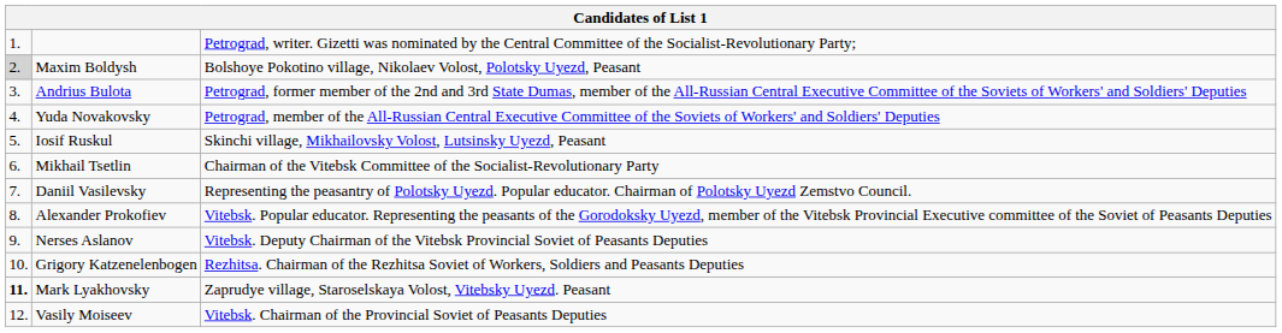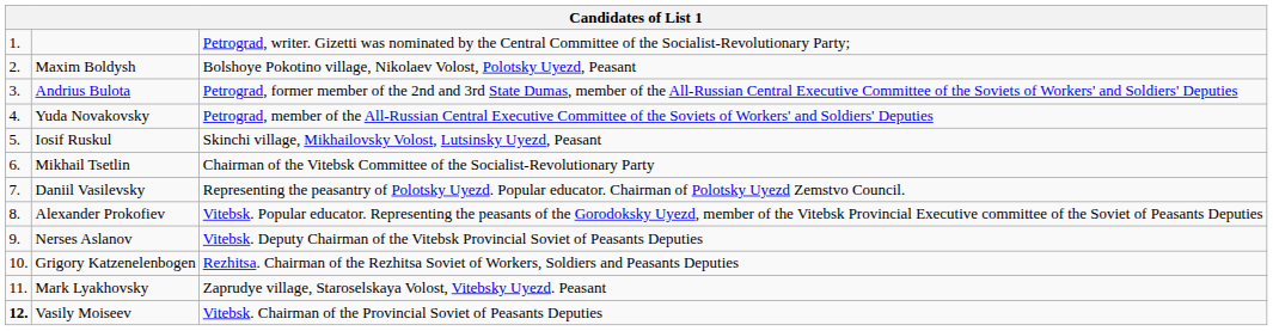 <table class=wikitable>
 <tr>
 <th colspan=3>Candidates of List 1</th>
 </tr>
 <tr>
 <td>1.</td>
 <td></td>
 <td><a href='#'>Petrograd</a>, writer. Gizetti was nominated by the Central Committee of the Socialist-Revolutionary Party;</td>
 </tr>
 <tr>
-<td style="background: lightgrey;">2.</td>
+<td>2.</td>
 <td>Maxim Boldysh</td>
 <td>Bolshoye Pokotino village, Nikolaev Volost, <a href='#'>Polotsky Uyezd</a>, Peasant</td>
 </tr>
 <tr>
 <td>3.</td>
 <td><a href='#'>Andrius Bulota</a></td>
 <td><a href='#'>Petrograd</a>, former member of the 2nd and 3rd <a href='#'>State Dumas</a>, member of the <a href='#'>All-Russian Central Executive Committee of the Soviets of Workers' and Soldiers' Deputies</a></td>
 </tr>
 <tr>
 <td>4.</td>
 <td>Yuda Novakovsky</td>
 <td><a href='#'>Petrograd</a>, member of the <a href='#'>All-Russian Central Executive Committee of the Soviets of Workers' and Soldiers' Deputies</a></td>
 </tr>
 <tr>
 <td>5.</td>
 <td>Iosif Ruskul</td>
 <td>Skinchi village, <a href='#'>Mikhailovsky Volost</a>, <a href='#'>Lutsinsky Uyezd</a>, Peasant</td>
 </tr>
 <tr>
 <td>6.</td>
 <td>Mikhail Tsetlin</td>
 <td>Chairman of the Vitebsk Committee of the Socialist-Revolutionary Party</td>
 </tr>
 <tr>
 <td>7.</td>
 <td>Daniil Vasilevsky</td>
 <td>Representing the peasantry of <a href='#'>Polotsky Uyezd</a>. Popular educator. Chairman of <a href='#'>Polotsky Uyezd</a> Zemstvo Council.</td>
 </tr>
 <tr>
 <td>8.</td>
 <td>Alexander Prokofiev</td>
 <td><a href='#'>Vitebsk</a>. Popular educator. Representing the peasants of the <a href='#'>Gorodoksky Uyezd</a>, member of the Vitebsk Provincial Executive committee of the Soviet of Peasants Deputies</td>
 </tr>
 <tr>
 <td>9.</td>
 <td>Nerses Aslanov</td>
 <td><a href='#'>Vitebsk</a>. Deputy Chairman of the Vitebsk Provincial Soviet of Peasants Deputies</td>
 </tr>
 <tr>
 <td>10.</td>
 <td>Grigory Katzenelenbogen</td>
 <td><a href='#'>Rezhitsa</a>. Chairman of the Rezhitsa Soviet of Workers, Soldiers and Peasants Deputies</td>
 </tr>
 <tr>
-<td><strong>11.</strong></td>
+<td>11.</td>
 <td>Mark Lyakhovsky</td>
 <td>Zaprudye village, Staroselskaya Volost, <a href='#'>Vitebsky Uyezd</a>. Peasant</td>
 </tr>
 <tr>
-<td>12.</td>
+<td><strong>12.</strong></td>
 <td>Vasily Moiseev</td>
 <td><a href='#'>Vitebsk</a>. Chairman of the Provincial Soviet of Peasants Deputies</td>
 </tr>
 </table>
